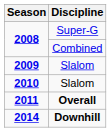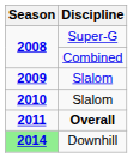 <table class="wikitable" style="text-align:center; font-size:100%;">
 <tr>
 <th>Season</th>
 <th>Discipline</th>
 </tr>
 <tr>
 <td rowspan=2><strong><a href='#'>2008</a></strong></td>
 <td><a href='#'>Super-G</a></td>
 </tr>
 <tr>
 <td><a href='#'>Combined</a></td>
 </tr>
 <tr>
 <td><strong><a href='#'>2009</a></strong></td>
 <td><a href='#'>Slalom</a></td>
 </tr>
 <tr>
 <td><strong><a href='#'>2010</a></strong></td>
 <td>Slalom</td>
 </tr>
 <tr>
 <td><strong><a href='#'>2011</a></strong></td>
 <td><strong>Overall</strong></td>
 </tr>
 <tr>
-<td><strong><a href='#'>2014</a></strong></td>
-<td><strong>Downhill</strong></td>
+<td style="background: lightgreen;"><strong><a href='#'>2014</a></strong></td>
+<td>Downhill</td>
 </tr>
 </table>
